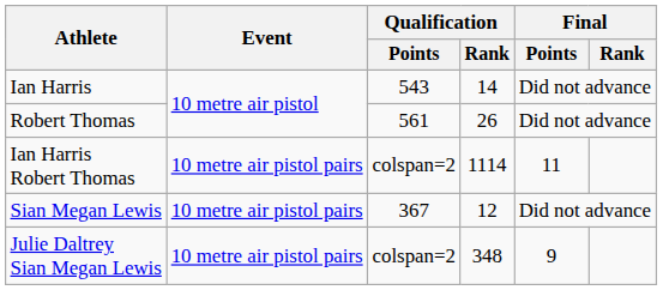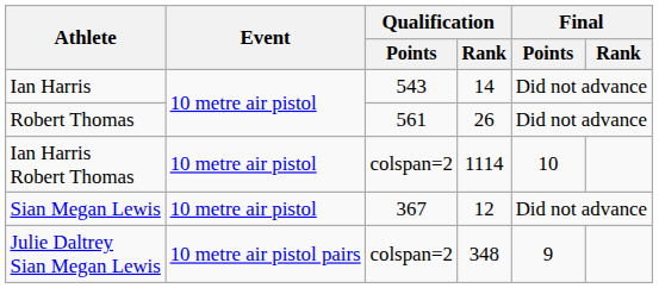 <table class="wikitable" style="font-size:90%">
 <tr>
 <th rowspan=2>Athlete</th>
 <th rowspan=2>Event</th>
 <th colspan=2>Qualification</th>
 <th colspan=2>Final</th>
 </tr>
 <tr style="font-size:95%">
 <th>Points</th>
 <th>Rank</th>
 <th>Points</th>
 <th>Rank</th>
 </tr>
 <tr align=center>
 <td align=left>Ian Harris</td>
 <td align=left rowspan="2"><a href='#'>10 metre air pistol</a></td>
 <td>543</td>
 <td>14</td>
 <td colspan=2>Did not advance</td>
 </tr>
 <tr align=center>
 <td align=left>Robert Thomas</td>
 <td>561</td>
 <td>26</td>
 <td colspan=2>Did not advance</td>
 </tr>
 <tr align=center>
 <td align=left>Ian Harris<br>Robert Thomas</td>
-<td align=left rowspan="1"><a href='#'>10 metre air pistol pairs</a></td>
+<td align=left rowspan="1"><a href='#'>10 metre air pistol</a></td>
 <td>colspan=2 </td>
 <td>1114</td>
-<td>11</td>
+<td>10</td>
 </tr>
 <tr align=center>
 <td align=left><a href='#'>Sian Megan Lewis</a></td>
-<td align=left rowspan="1"><a href='#'>10 metre air pistol pairs</a></td>
+<td align=left rowspan="1"><a href='#'>10 metre air pistol</a></td>
 <td>367</td>
 <td>12</td>
 <td colspan=2>Did not advance</td>
 </tr>
 <tr align=center>
 <td align=left><a href='#'>Julie Daltrey</a><br><a href='#'>Sian Megan Lewis</a></td>
 <td align=left rowspan="2"><a href='#'>10 metre air pistol pairs</a></td>
 <td>colspan=2 </td>
 <td>348</td>
 <td>9</td>
 </tr>
 </table>
